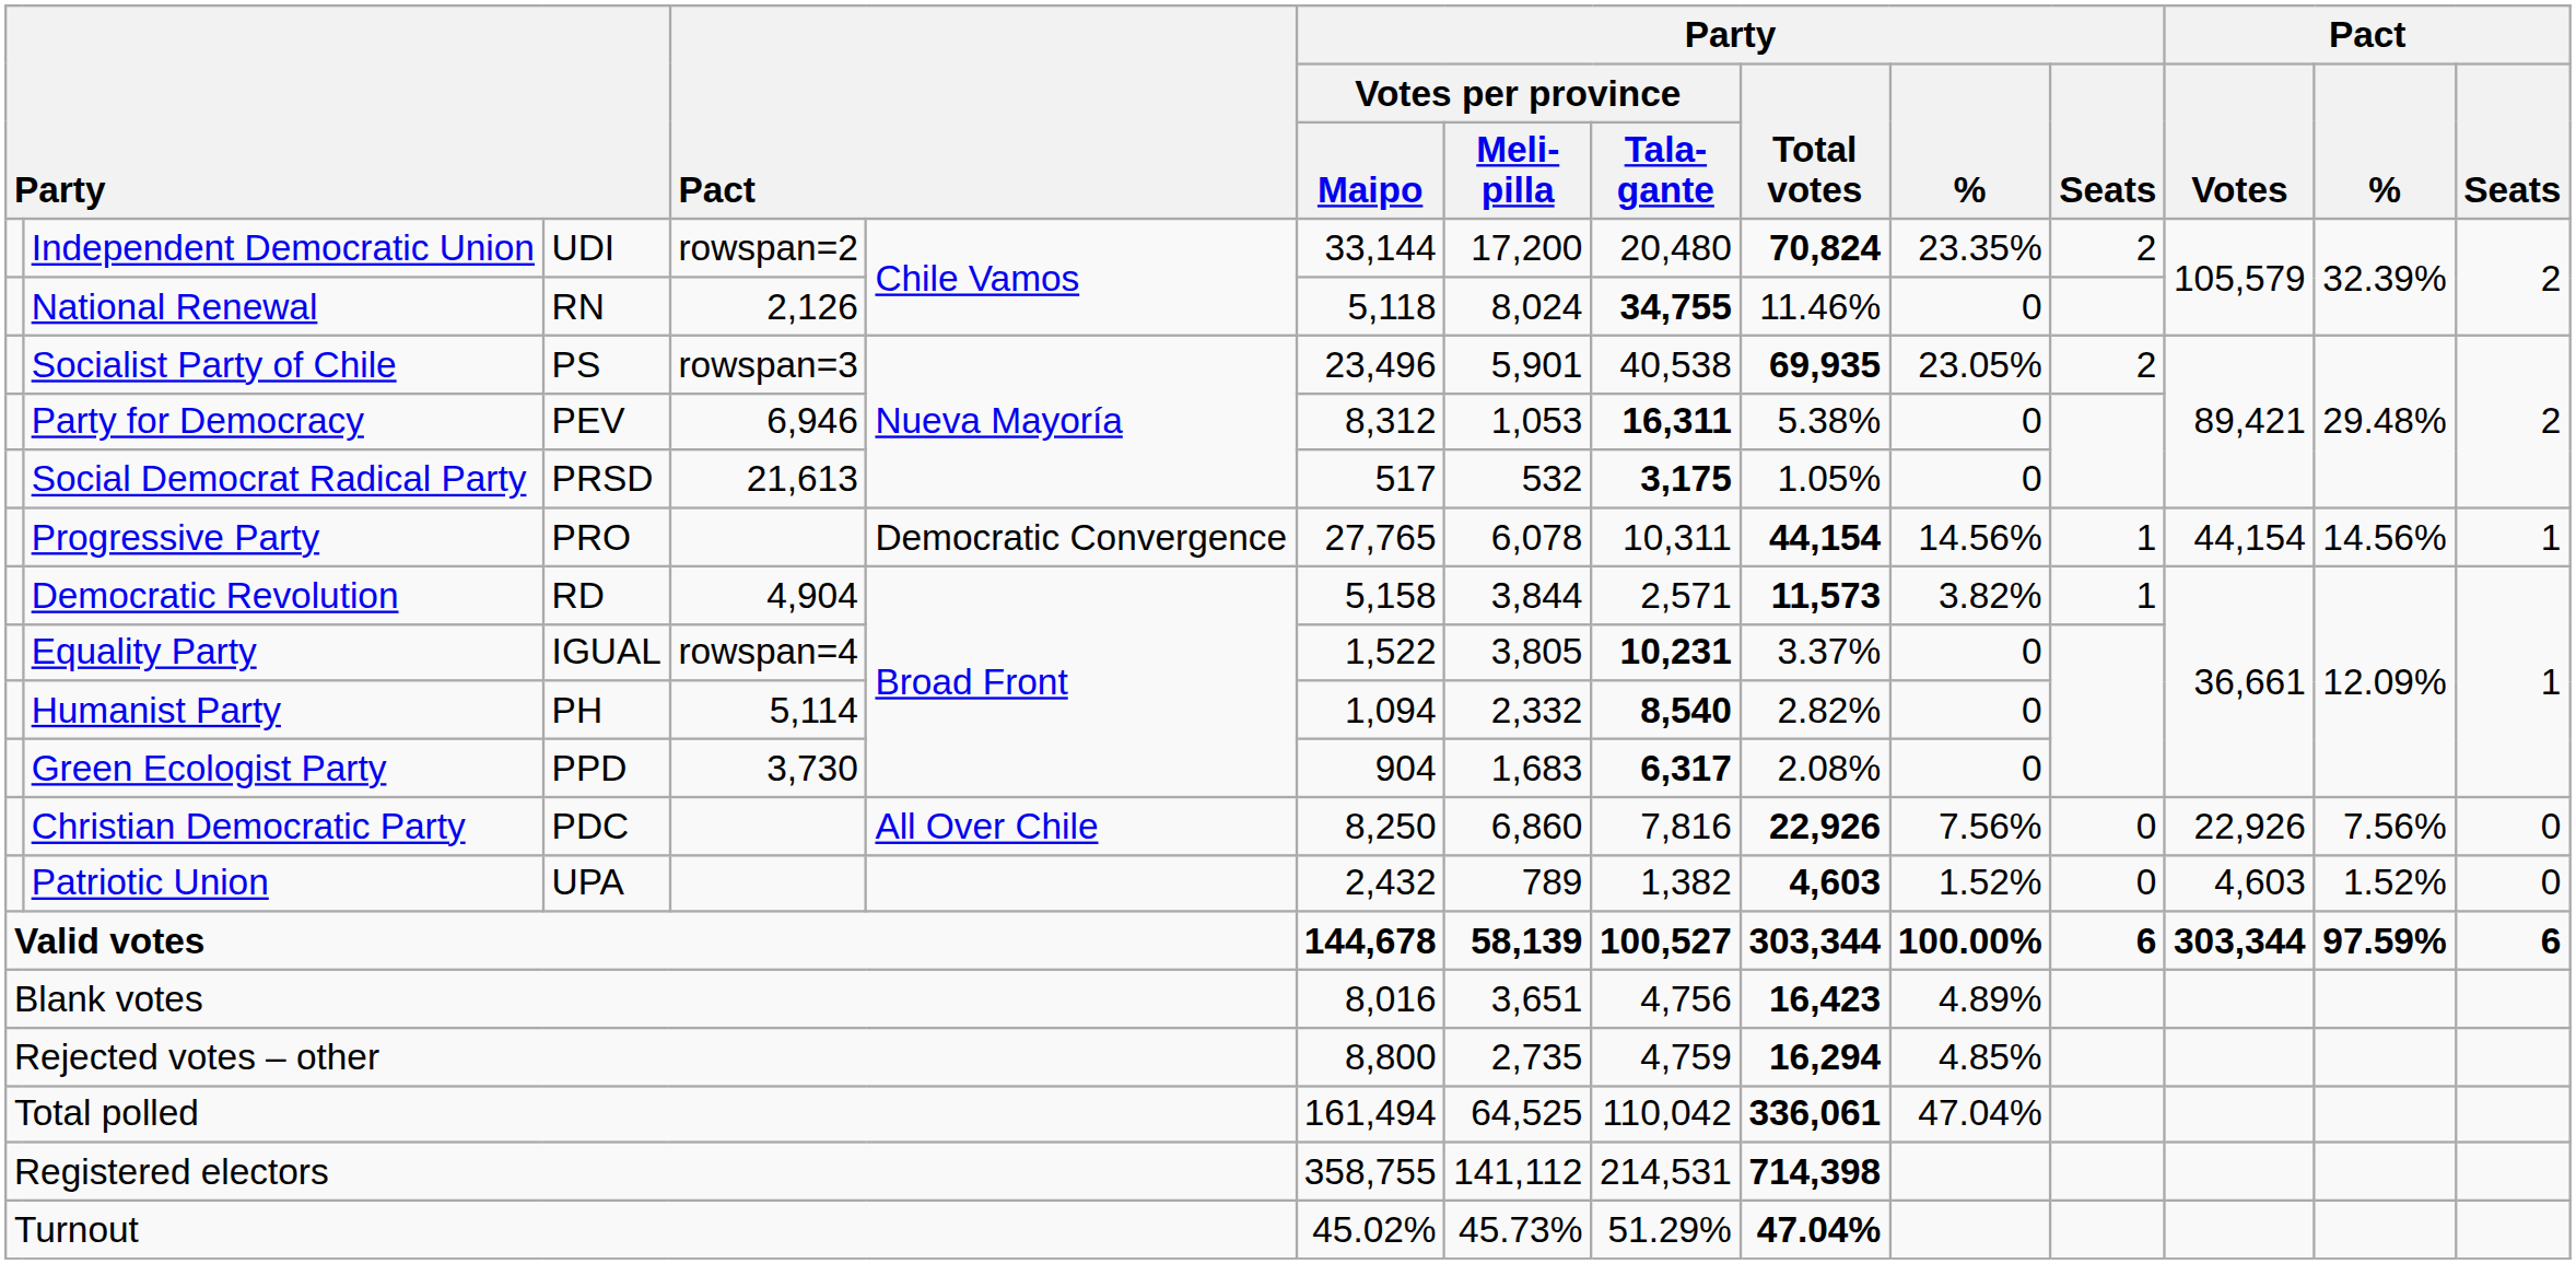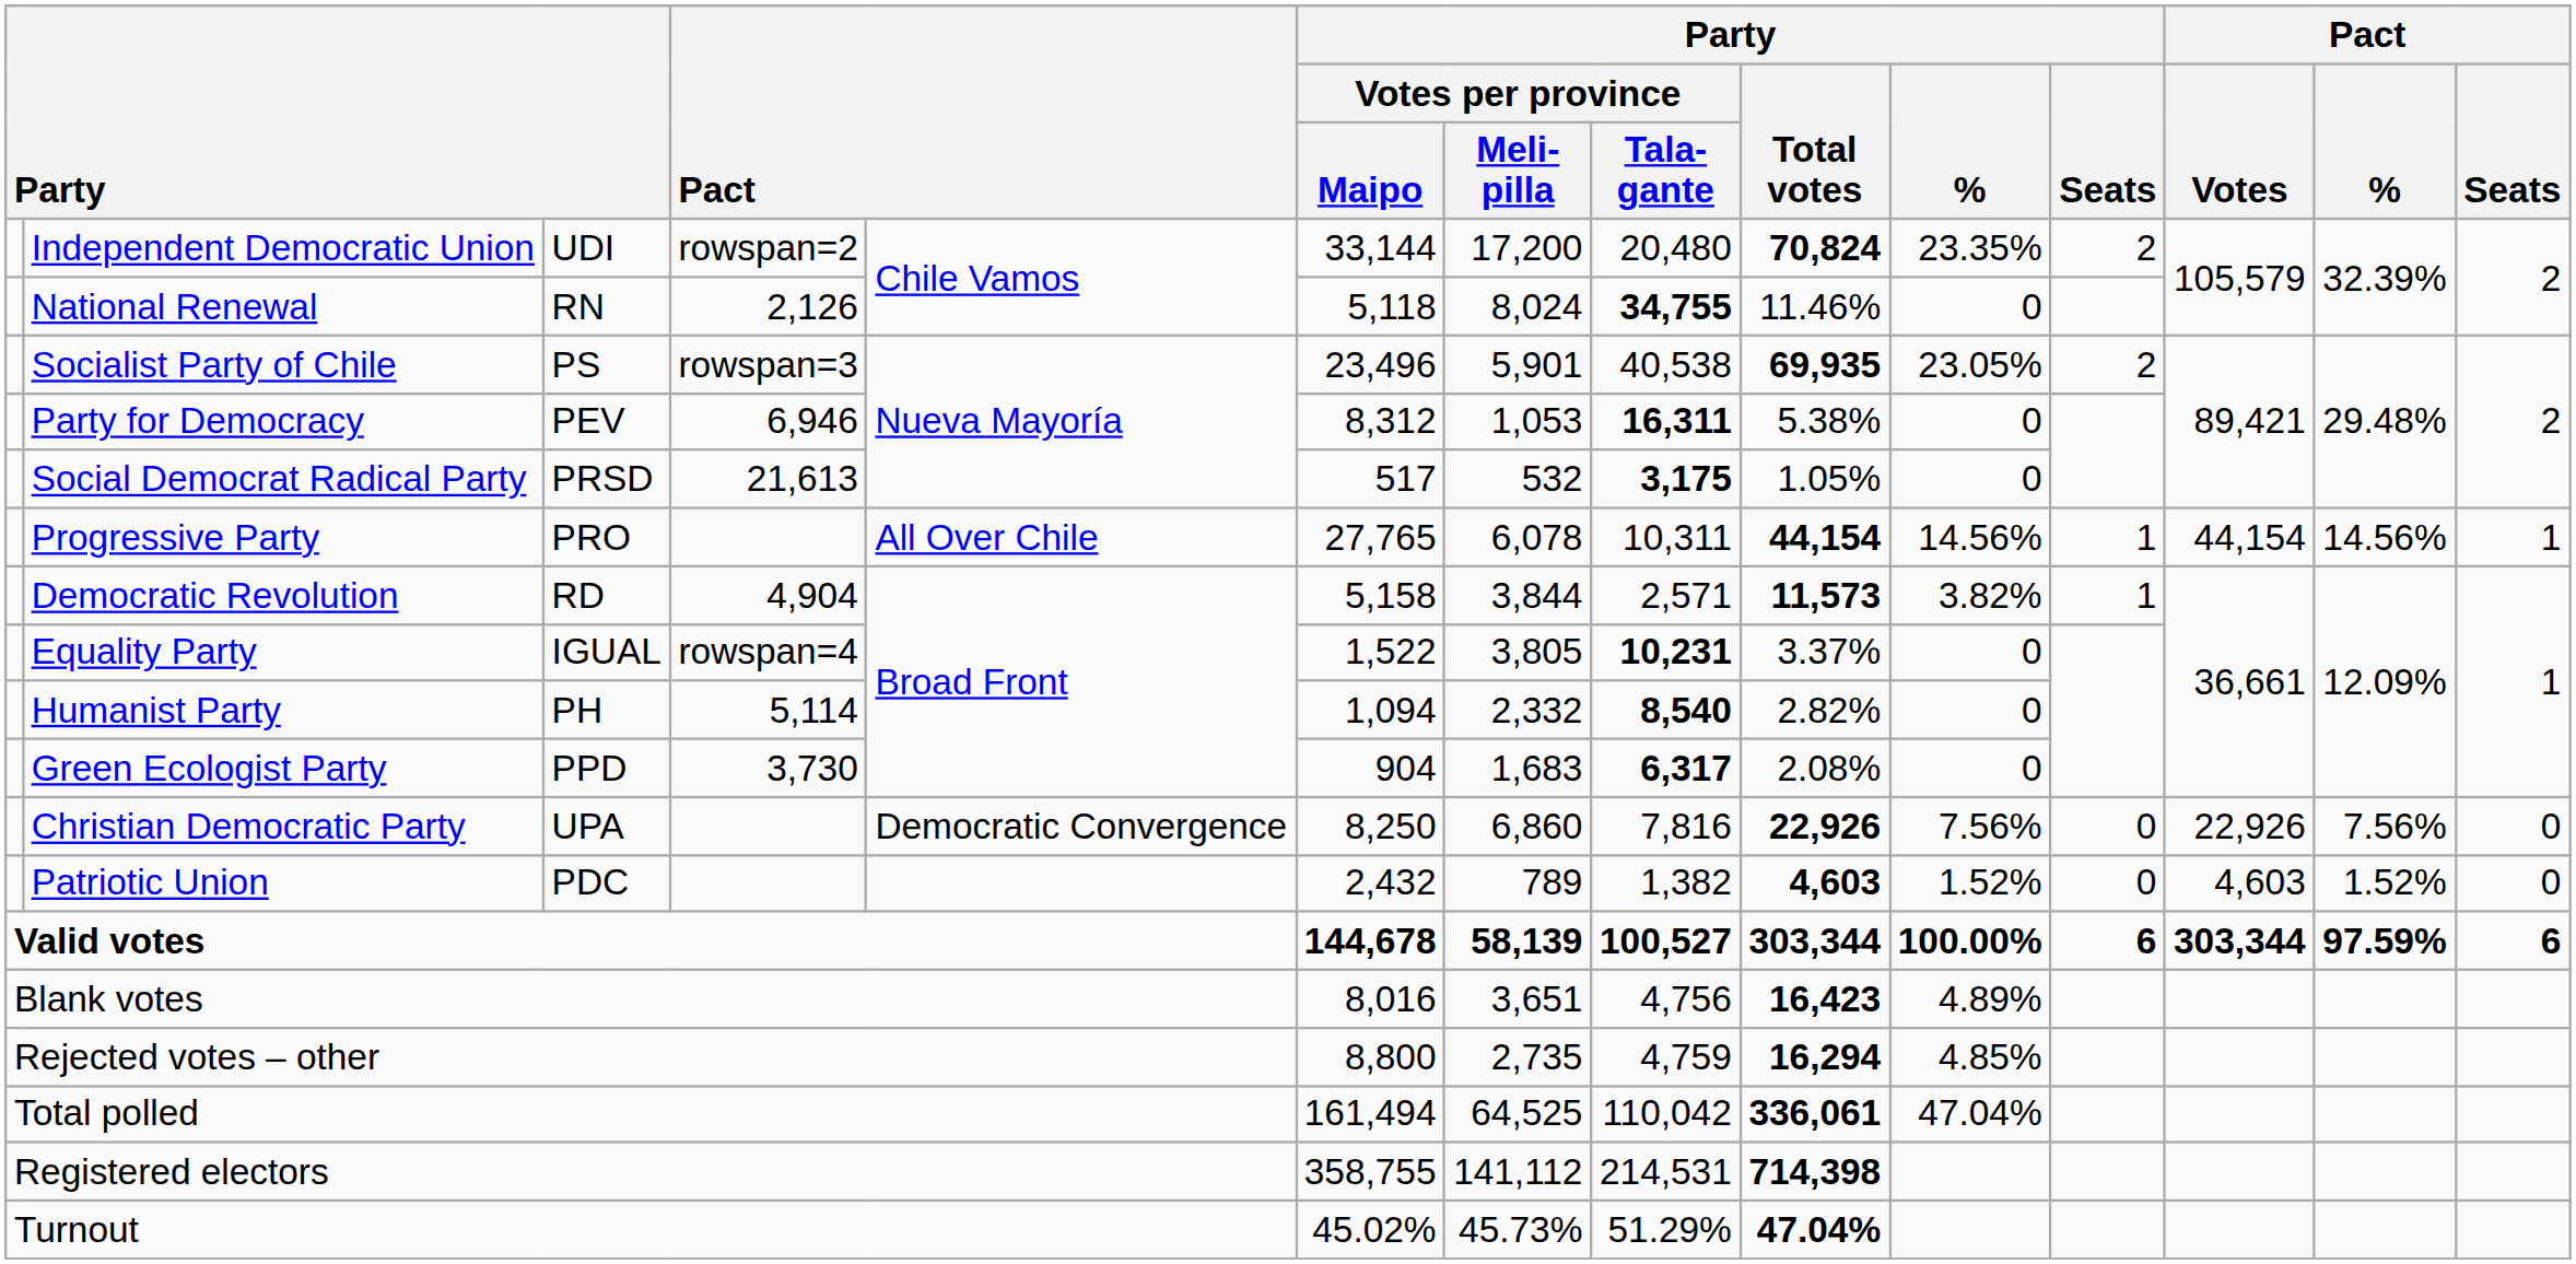 <table class="wikitable" border="1" style="font-size:90%; text-align:right; white-space: nowrap;">
 <tr>
 <th style="text-align:left;" valign=bottom rowspan=3 colspan=3>Party</th>
 <th style="text-align:left;" valign=bottom rowspan=3 colspan=2>Pact</th>
 <th colspan=6>Party</th>
 <th colspan=3>Pact</th>
 </tr>
 <tr>
 <th colspan=3>Votes per province</th>
 <th align=center valign=bottom rowspan=2 width="40">Total<br>votes</th>
 <th align=center valign=bottom rowspan=2 width="40">%</th>
 <th align=center valign=bottom rowspan=2>Seats</th>
 <th align=center valign=bottom rowspan=2 width="40">Votes</th>
 <th align=center valign=bottom rowspan=2 width="40">%</th>
 <th align=center valign=bottom rowspan=2>Seats</th>
 </tr>
 <tr>
 <th align=center valign=bottom width="40"><a href='#'>Maipo</a></th>
 <th align=center valign=bottom width="40"><a href='#'>Meli-<br>pilla</a></th>
 <th align=center valign=bottom width="40"><a href='#'>Tala-<br>gante</a></th>
 </tr>
 <tr>
 <td></td>
 <td align=left><a href='#'>Independent Democratic Union</a></td>
 <td align=left>UDI</td>
 <td>rowspan=2 </td>
 <td rowspan=2 align=left><a href='#'>Chile Vamos</a></td>
 <td>33,144</td>
 <td>17,200</td>
 <td>20,480</td>
 <td><strong>70,824</strong></td>
 <td>23.35%</td>
 <td>2</td>
 <td rowspan=2>105,579</td>
 <td rowspan=2>32.39%</td>
 <td rowspan=2>2</td>
 </tr>
 <tr>
 <td></td>
 <td align=left><a href='#'>National Renewal</a></td>
 <td align=left>RN</td>
 <td>2,126</td>
 <td>5,118</td>
 <td>8,024</td>
 <td><strong>34,755</strong></td>
 <td>11.46%</td>
 <td>0</td>
 </tr>
 <tr>
 <td></td>
 <td align=left><a href='#'>Socialist Party of Chile</a></td>
 <td align=left>PS</td>
 <td>rowspan=3 </td>
 <td rowspan=3 align=left><a href='#'>Nueva Mayoría</a></td>
 <td>23,496</td>
 <td>5,901</td>
 <td>40,538</td>
 <td><strong>69,935</strong></td>
 <td>23.05%</td>
 <td>2</td>
 <td rowspan=3>89,421</td>
 <td rowspan=3>29.48%</td>
 <td rowspan=3>2</td>
 </tr>
 <tr>
 <td></td>
 <td align=left><a href='#'>Party for Democracy</a></td>
 <td align=left>PEV</td>
 <td>6,946</td>
 <td>8,312</td>
 <td>1,053</td>
 <td><strong>16,311</strong></td>
 <td>5.38%</td>
 <td>0</td>
 </tr>
 <tr>
 <td></td>
 <td align=left><a href='#'>Social Democrat Radical Party</a></td>
 <td align=left>PRSD</td>
 <td>21,613</td>
 <td>517</td>
 <td>532</td>
 <td><strong>3,175</strong></td>
 <td>1.05%</td>
 <td>0</td>
 </tr>
 <tr>
 <td></td>
 <td align=left><a href='#'>Progressive Party</a></td>
 <td align=left>PRO</td>
 <td></td>
-<td align=left>Democratic Convergence</td>
+<td align=left><a href='#'>All Over Chile</a></td>
 <td>27,765</td>
 <td>6,078</td>
 <td>10,311</td>
 <td><strong>44,154</strong></td>
 <td>14.56%</td>
 <td>1</td>
 <td>44,154</td>
 <td>14.56%</td>
 <td>1</td>
 </tr>
 <tr>
 <td></td>
 <td align=left><a href='#'>Democratic Revolution</a></td>
 <td align=left>RD</td>
 <td>4,904</td>
 <td rowspan=4 align=left><a href='#'>Broad Front</a></td>
 <td>5,158</td>
 <td>3,844</td>
 <td>2,571</td>
 <td><strong>11,573</strong></td>
 <td>3.82%</td>
 <td>1</td>
 <td rowspan=4>36,661</td>
 <td rowspan=4>12.09%</td>
 <td rowspan=4>1</td>
 </tr>
 <tr>
 <td></td>
 <td align=left><a href='#'>Equality Party</a></td>
 <td align=left>IGUAL</td>
 <td>rowspan=4 </td>
 <td>1,522</td>
 <td>3,805</td>
 <td><strong>10,231</strong></td>
 <td>3.37%</td>
 <td>0</td>
 </tr>
 <tr>
 <td></td>
 <td align=left><a href='#'>Humanist Party</a></td>
 <td align=left>PH</td>
 <td>5,114</td>
 <td>1,094</td>
 <td>2,332</td>
 <td><strong>8,540</strong></td>
 <td>2.82%</td>
 <td>0</td>
 </tr>
 <tr>
 <td></td>
 <td align=left><a href='#'>Green Ecologist Party</a></td>
 <td align=left>PPD</td>
 <td>3,730</td>
 <td>904</td>
 <td>1,683</td>
 <td><strong>6,317</strong></td>
 <td>2.08%</td>
 <td>0</td>
 </tr>
 <tr>
 <td></td>
 <td align=left><a href='#'>Christian Democratic Party</a></td>
-<td align=left>PDC</td>
+<td align=left>UPA</td>
 <td></td>
-<td align=left><a href='#'>All Over Chile</a></td>
+<td align=left>Democratic Convergence</td>
 <td>8,250</td>
 <td>6,860</td>
 <td>7,816</td>
 <td><strong>22,926</strong></td>
 <td>7.56%</td>
 <td>0</td>
 <td>22,926</td>
 <td>7.56%</td>
 <td>0</td>
 </tr>
 <tr>
 <td></td>
 <td align=left><a href='#'>Patriotic Union</a></td>
-<td align=left>UPA</td>
+<td align=left>PDC</td>
 <td></td>
 <td></td>
 <td>2,432</td>
 <td>789</td>
 <td>1,382</td>
 <td><strong>4,603</strong></td>
 <td>1.52%</td>
 <td>0</td>
 <td>4,603</td>
 <td>1.52%</td>
 <td>0</td>
 </tr>
 <tr style="font-weight:bold">
 <td align=left colspan=5>Valid votes</td>
 <td>144,678</td>
 <td>58,139</td>
 <td>100,527</td>
 <td>303,344</td>
 <td>100.00%</td>
 <td>6</td>
 <td>303,344</td>
 <td>97.59%</td>
 <td>6</td>
 </tr>
 <tr>
 <td align=left colspan=5>Blank votes</td>
 <td>8,016</td>
 <td>3,651</td>
 <td>4,756</td>
 <td><strong>16,423</strong></td>
 <td>4.89%</td>
 <td></td>
 <td></td>
 <td></td>
 <td></td>
 </tr>
 <tr>
 <td align=left colspan=5>Rejected votes – other</td>
 <td>8,800</td>
 <td>2,735</td>
 <td>4,759</td>
 <td><strong>16,294</strong></td>
 <td>4.85%</td>
 <td></td>
 <td></td>
 <td></td>
 <td></td>
 </tr>
 <tr>
 <td align=left colspan=5>Total polled</td>
 <td>161,494</td>
 <td>64,525</td>
 <td>110,042</td>
 <td><strong>336,061</strong></td>
 <td>47.04%</td>
 <td></td>
 <td></td>
 <td></td>
 <td></td>
 </tr>
 <tr>
 <td align=left colspan=5>Registered electors</td>
 <td>358,755</td>
 <td>141,112</td>
 <td>214,531</td>
 <td><strong>714,398</strong></td>
 <td></td>
 <td></td>
 <td></td>
 <td></td>
 <td></td>
 </tr>
 <tr>
 <td align=left colspan=5>Turnout</td>
 <td>45.02%</td>
 <td>45.73%</td>
 <td>51.29%</td>
 <td><strong>47.04%</strong></td>
 <td></td>
 <td></td>
 <td></td>
 <td></td>
 <td></td>
 </tr>
 </table>
